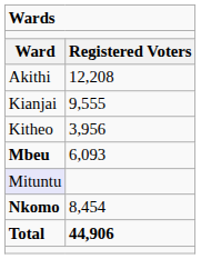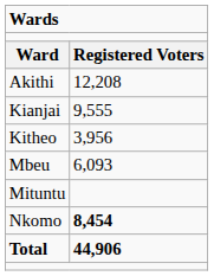 <table class="wikitable">
 <tr>
 <td colspan="2"><strong>Wards</strong></td>
 </tr>
 <tr>
 <td colspan="2"></td>
 </tr>
 <tr>
 <th>Ward</th>
 <th>Registered Voters</th>
 </tr>
 <tr>
 <td>Akithi</td>
 <td>12,208</td>
 </tr>
 <tr>
 <td>Kianjai</td>
 <td>9,555</td>
 </tr>
 <tr>
 <td>Kitheo</td>
 <td>3,956</td>
 </tr>
 <tr>
-<td><strong>Mbeu</strong></td>
+<td>Mbeu</td>
 <td>6,093</td>
 </tr>
 <tr>
-<td style="background: lavender;">Mituntu</td>
+<td>Mituntu</td>
 </tr>
 <tr>
-<td><strong>Nkomo</strong></td>
-<td>8,454</td>
+<td>Nkomo</td>
+<td><strong>8,454</strong></td>
 </tr>
 <tr>
 <td><strong>Total</strong></td>
 <td><strong>44,906</strong></td>
 </tr>
 <tr>
 <td colspan="2"></td>
 </tr>
 </table>
